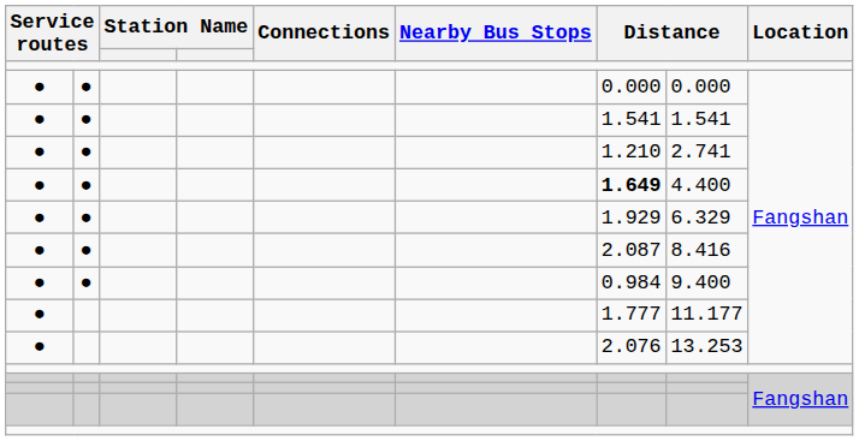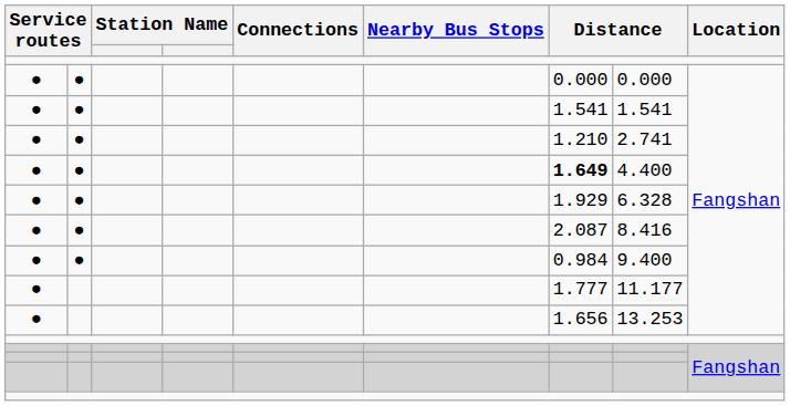 <table class="wikitable">
 <tr>
 <th rowspan="2" colspan="2">Service<br>routes</th>
 <th colspan="2">Station Name</th>
 <th rowspan="2">Connections</th>
 <th rowspan="2"><a href='#'>Nearby Bus Stops</a></th>
 <th colspan="2" rowspan="2">Distance<br></th>
 <th rowspan="2">Location</th>
 </tr>
 <tr>
 <th></th>
 <th></th>
 </tr>
 <tr style="background:#">
 <td colspan = "9"></td>
 </tr>
 <tr>
 <td align="center">●</td>
 <td align="center">●</td>
 <td></td>
 <td></td>
 <td></td>
 <td></td>
 <td>0.000</td>
 <td>0.000</td>
 <td rowspan="9"><a href='#'>Fangshan</a></td>
 </tr>
 <tr>
 <td align="center">●</td>
 <td align="center">●</td>
 <td></td>
 <td></td>
 <td></td>
 <td></td>
 <td>1.541</td>
 <td>1.541</td>
 </tr>
 <tr>
 <td align="center">●</td>
 <td align="center">●</td>
 <td></td>
 <td></td>
 <td></td>
 <td></td>
 <td>1.210</td>
 <td>2.741</td>
 </tr>
 <tr>
 <td align="center">●</td>
 <td align="center">●</td>
 <td></td>
 <td></td>
 <td></td>
 <td></td>
 <td><strong>1.649</strong></td>
 <td>4.400</td>
 </tr>
 <tr>
 <td align="center">●</td>
 <td align="center">●</td>
 <td></td>
 <td></td>
 <td></td>
 <td></td>
 <td>1.929</td>
-<td>6.329</td>
+<td>6.328</td>
 </tr>
 <tr>
 <td align="center">●</td>
 <td align="center">●</td>
 <td></td>
 <td></td>
 <td></td>
 <td></td>
 <td>2.087</td>
 <td>8.416</td>
 </tr>
 <tr>
 <td align="center">●</td>
 <td align="center">●</td>
 <td></td>
 <td></td>
 <td></td>
 <td></td>
 <td>0.984</td>
 <td>9.400</td>
 </tr>
 <tr>
 <td align="center">●</td>
 <td align="center"></td>
 <td></td>
 <td></td>
 <td></td>
 <td></td>
 <td>1.777</td>
 <td>11.177</td>
 </tr>
 <tr>
 <td align="center">●</td>
 <td align="center"></td>
 <td></td>
 <td></td>
 <td></td>
 <td></td>
-<td>2.076</td>
+<td>1.656</td>
 <td>13.253</td>
 </tr>
 <tr style="background:#">
 <td colspan = "9"></td>
 </tr>
 <tr bgcolor="lightgrey">
 <td align="center"></td>
 <td align="center"></td>
 <td><em></em></td>
 <td></td>
 <td></td>
 <td></td>
 <td></td>
 <td></td>
 <td rowspan="3"><a href='#'>Fangshan</a></td>
 </tr>
 <tr bgcolor="lightgrey">
 <td align="center"></td>
 <td align="center"></td>
 <td><em></em></td>
 <td></td>
 <td></td>
 <td></td>
 <td></td>
 <td></td>
 </tr>
 <tr bgcolor="lightgrey">
 <td align="center">    </td>
 <td align="center"></td>
 <td><em></em></td>
 <td></td>
 <td></td>
 <td></td>
 <td></td>
 <td></td>
 </tr>
 <tr style="background:#">
 <td colspan = "9"></td>
 </tr>
 </table>
